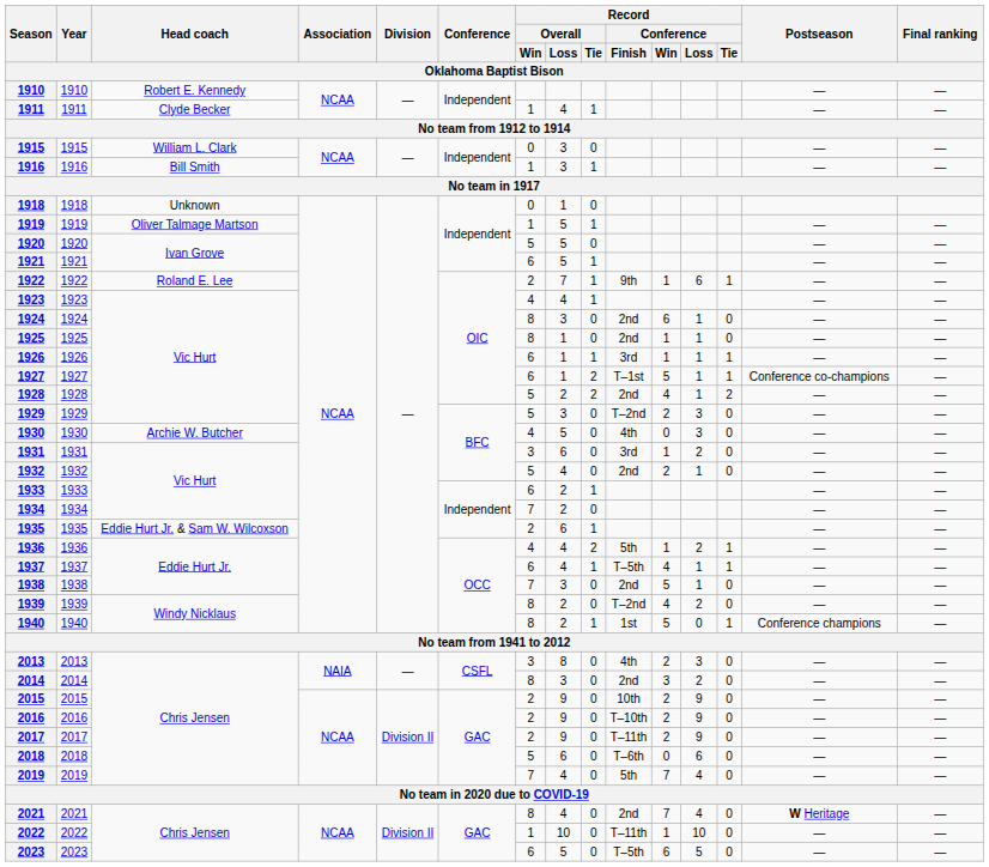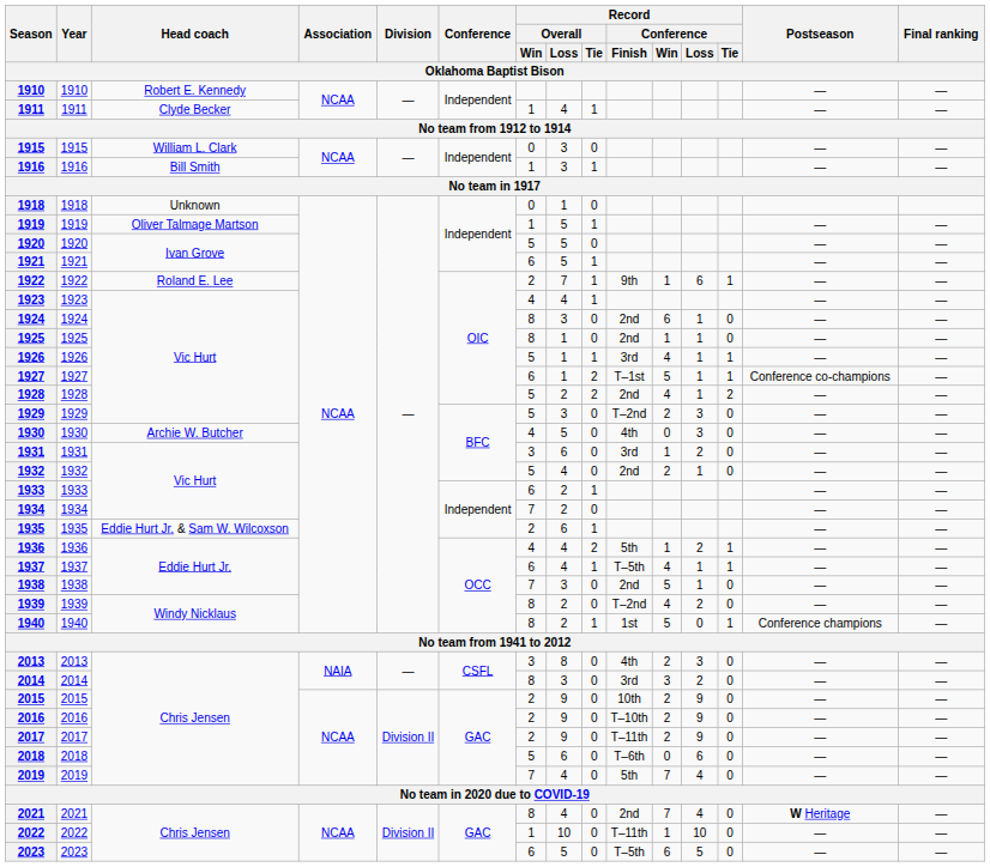 <table class="wikitable" style="font-size: 95%; width:98%;text-align:center;">
 <tr>
 <th rowspan="3">Season</th>
 <th rowspan="3">Year</th>
 <th rowspan="3">Head coach</th>
 <th rowspan="3">Association</th>
 <th rowspan="3">Division</th>
 <th rowspan="3">Conference</th>
 <th colspan="7">Record</th>
 <th rowspan="3">Postseason</th>
 <th rowspan="3">Final ranking</th>
 </tr>
 <tr>
 <th colspan="3">Overall</th>
 <th colspan="4">Conference</th>
 </tr>
 <tr>
 <th>Win</th>
 <th>Loss</th>
 <th>Tie</th>
 <th>Finish</th>
 <th>Win</th>
 <th>Loss</th>
 <th>Tie</th>
 </tr>
 <tr>
 <th colspan="15">Oklahoma Baptist Bison</th>
 </tr>
 <tr>
 <th><a href='#'>1910</a></th>
 <td><a href='#'>1910</a></td>
 <td><a href='#'>Robert E. Kennedy</a></td>
 <td rowspan="2"><a href='#'>NCAA</a></td>
 <td rowspan="2">—</td>
 <td rowspan="2">Independent</td>
 <td></td>
 <td></td>
 <td></td>
 <td></td>
 <td></td>
 <td></td>
 <td></td>
 <td>—</td>
 <td>—</td>
 </tr>
 <tr>
 <th><a href='#'>1911</a></th>
 <td><a href='#'>1911</a></td>
 <td><a href='#'>Clyde Becker</a></td>
 <td>1</td>
 <td>4</td>
 <td>1</td>
 <td></td>
 <td></td>
 <td></td>
 <td></td>
 <td>—</td>
 <td>—</td>
 </tr>
 <tr>
 <th colspan="15">No team from 1912 to 1914</th>
 </tr>
 <tr>
 <th><a href='#'>1915</a></th>
 <td><a href='#'>1915</a></td>
 <td><a href='#'>William L. Clark</a></td>
 <td rowspan="2"><a href='#'>NCAA</a></td>
 <td rowspan="2">—</td>
 <td rowspan="2">Independent</td>
 <td>0</td>
 <td>3</td>
 <td>0</td>
 <td></td>
 <td></td>
 <td></td>
 <td></td>
 <td>—</td>
 <td>—</td>
 </tr>
 <tr>
 <th><a href='#'>1916</a></th>
 <td><a href='#'>1916</a></td>
 <td><a href='#'>Bill Smith</a></td>
 <td>1</td>
 <td>3</td>
 <td>1</td>
 <td></td>
 <td></td>
 <td></td>
 <td></td>
 <td>—</td>
 <td>—</td>
 </tr>
 <tr>
 <th colspan="15">No team in 1917</th>
 </tr>
 <tr>
 <th><a href='#'>1918</a></th>
 <td><a href='#'>1918</a></td>
 <td>Unknown</td>
 <td rowspan="23"><a href='#'>NCAA</a></td>
 <td rowspan="23">—</td>
 <td rowspan="4">Independent</td>
 <td>0</td>
 <td>1</td>
 <td>0</td>
 <td></td>
 <td></td>
 <td></td>
 <td></td>
 <td></td>
 <td></td>
 </tr>
 <tr>
 <th><a href='#'>1919</a></th>
 <td><a href='#'>1919</a></td>
 <td><a href='#'>Oliver Talmage Martson</a></td>
 <td>1</td>
 <td>5</td>
 <td>1</td>
 <td></td>
 <td></td>
 <td></td>
 <td></td>
 <td>—</td>
 <td>—</td>
 </tr>
 <tr>
 <th><a href='#'>1920</a></th>
 <td><a href='#'>1920</a></td>
 <td rowspan="2"><a href='#'>Ivan Grove</a></td>
 <td>5</td>
 <td>5</td>
 <td>0</td>
 <td></td>
 <td></td>
 <td></td>
 <td></td>
 <td>—</td>
 <td>—</td>
 </tr>
 <tr>
 <th><a href='#'>1921</a></th>
 <td><a href='#'>1921</a></td>
 <td>6</td>
 <td>5</td>
 <td>1</td>
 <td></td>
 <td></td>
 <td></td>
 <td></td>
 <td>—</td>
 <td>—</td>
 </tr>
 <tr>
 <th><a href='#'>1922</a></th>
 <td><a href='#'>1922</a></td>
 <td><a href='#'>Roland E. Lee</a></td>
 <td rowspan="7"><a href='#'>OIC</a></td>
 <td>2</td>
 <td>7</td>
 <td>1</td>
 <td>9th</td>
 <td>1</td>
 <td>6</td>
 <td>1</td>
 <td>—</td>
 <td>—</td>
 </tr>
 <tr>
 <th><a href='#'>1923</a></th>
 <td><a href='#'>1923</a></td>
 <td rowspan="7"><a href='#'>Vic Hurt</a></td>
 <td>4</td>
 <td>4</td>
 <td>1</td>
 <td></td>
 <td></td>
 <td></td>
 <td></td>
 <td>—</td>
 <td>—</td>
 </tr>
 <tr>
 <th><a href='#'>1924</a></th>
 <td><a href='#'>1924</a></td>
 <td>8</td>
 <td>3</td>
 <td>0</td>
 <td>2nd</td>
 <td>6</td>
 <td>1</td>
 <td>0</td>
 <td>—</td>
 <td>—</td>
 </tr>
 <tr>
 <th><a href='#'>1925</a></th>
 <td><a href='#'>1925</a></td>
 <td>8</td>
 <td>1</td>
 <td>0</td>
 <td>2nd</td>
 <td>1</td>
 <td>1</td>
 <td>0</td>
 <td>—</td>
 <td>—</td>
 </tr>
 <tr>
 <th><a href='#'>1926</a></th>
 <td><a href='#'>1926</a></td>
-<td>6</td>
+<td>5</td>
 <td>1</td>
 <td>1</td>
 <td>3rd</td>
-<td>1</td>
+<td>4</td>
 <td>1</td>
 <td>1</td>
 <td>—</td>
 <td>—</td>
 </tr>
 <tr>
 <th><a href='#'>1927</a></th>
 <td><a href='#'>1927</a></td>
 <td>6</td>
 <td>1</td>
 <td>2</td>
 <td>T–1st</td>
 <td>5</td>
 <td>1</td>
 <td>1</td>
 <td>Conference co-champions</td>
 <td>—</td>
 </tr>
 <tr>
 <th><a href='#'>1928</a></th>
 <td><a href='#'>1928</a></td>
 <td>5</td>
 <td>2</td>
 <td>2</td>
 <td>2nd</td>
 <td>4</td>
 <td>1</td>
 <td>2</td>
 <td>—</td>
 <td>—</td>
 </tr>
 <tr>
 <th><a href='#'>1929</a></th>
 <td><a href='#'>1929</a></td>
 <td rowspan="4"><a href='#'>BFC</a></td>
 <td>5</td>
 <td>3</td>
 <td>0</td>
 <td>T–2nd</td>
 <td>2</td>
 <td>3</td>
 <td>0</td>
 <td>—</td>
 <td>—</td>
 </tr>
 <tr>
 <th><a href='#'>1930</a></th>
 <td><a href='#'>1930</a></td>
 <td><a href='#'>Archie W. Butcher</a></td>
 <td>4</td>
 <td>5</td>
 <td>0</td>
 <td>4th</td>
 <td>0</td>
 <td>3</td>
 <td>0</td>
 <td>—</td>
 <td>—</td>
 </tr>
 <tr>
 <th><a href='#'>1931</a></th>
 <td><a href='#'>1931</a></td>
 <td rowspan="4"><a href='#'>Vic Hurt</a></td>
 <td>3</td>
 <td>6</td>
 <td>0</td>
 <td>3rd</td>
 <td>1</td>
 <td>2</td>
 <td>0</td>
 <td>—</td>
 <td>—</td>
 </tr>
 <tr>
 <th><a href='#'>1932</a></th>
 <td><a href='#'>1932</a></td>
 <td>5</td>
 <td>4</td>
 <td>0</td>
 <td>2nd</td>
 <td>2</td>
 <td>1</td>
 <td>0</td>
 <td>—</td>
 <td>—</td>
 </tr>
 <tr>
 <th><a href='#'>1933</a></th>
 <td><a href='#'>1933</a></td>
 <td rowspan="3">Independent</td>
 <td>6</td>
 <td>2</td>
 <td>1</td>
 <td></td>
 <td></td>
 <td></td>
 <td></td>
 <td>—</td>
 <td>—</td>
 </tr>
 <tr>
 <th><a href='#'>1934</a></th>
 <td><a href='#'>1934</a></td>
 <td>7</td>
 <td>2</td>
 <td>0</td>
 <td></td>
 <td></td>
 <td></td>
 <td></td>
 <td>—</td>
 <td>—</td>
 </tr>
 <tr>
 <th><a href='#'>1935</a></th>
 <td><a href='#'>1935</a></td>
 <td><a href='#'>Eddie Hurt Jr.</a> & <a href='#'>Sam W. Wilcoxson</a></td>
 <td>2</td>
 <td>6</td>
 <td>1</td>
 <td></td>
 <td></td>
 <td></td>
 <td></td>
 <td>—</td>
 <td>—</td>
 </tr>
 <tr>
 <th><a href='#'>1936</a></th>
 <td><a href='#'>1936</a></td>
 <td rowspan="3"><a href='#'>Eddie Hurt Jr.</a></td>
 <td rowspan="5"><a href='#'>OCC</a></td>
 <td>4</td>
 <td>4</td>
 <td>2</td>
 <td>5th</td>
 <td>1</td>
 <td>2</td>
 <td>1</td>
 <td>—</td>
 <td>—</td>
 </tr>
 <tr>
 <th><a href='#'>1937</a></th>
 <td><a href='#'>1937</a></td>
 <td>6</td>
 <td>4</td>
 <td>1</td>
 <td>T–5th</td>
 <td>4</td>
 <td>1</td>
 <td>1</td>
 <td>—</td>
 <td>—</td>
 </tr>
 <tr>
 <th><a href='#'>1938</a></th>
 <td><a href='#'>1938</a></td>
 <td>7</td>
 <td>3</td>
 <td>0</td>
 <td>2nd</td>
 <td>5</td>
 <td>1</td>
 <td>0</td>
 <td>—</td>
 <td>—</td>
 </tr>
 <tr>
 <th><a href='#'>1939</a></th>
 <td><a href='#'>1939</a></td>
 <td rowspan="2"><a href='#'>Windy Nicklaus</a></td>
 <td>8</td>
 <td>2</td>
 <td>0</td>
 <td>T–2nd</td>
 <td>4</td>
 <td>2</td>
 <td>0</td>
 <td>—</td>
 <td>—</td>
 </tr>
 <tr>
 <th><a href='#'>1940</a></th>
 <td><a href='#'>1940</a></td>
 <td>8</td>
 <td>2</td>
 <td>1</td>
 <td>1st</td>
 <td>5</td>
 <td>0</td>
 <td>1</td>
 <td>Conference champions</td>
 <td>—</td>
 </tr>
 <tr>
 <th colspan="15">No team from 1941 to 2012</th>
 </tr>
 <tr>
 <th><a href='#'>2013</a></th>
 <td><a href='#'>2013</a></td>
 <td rowspan="7"><a href='#'>Chris Jensen</a></td>
 <td rowspan="2"><a href='#'>NAIA</a></td>
 <td rowspan="2">—</td>
 <td rowspan="2"><a href='#'>CSFL</a></td>
 <td>3</td>
 <td>8</td>
 <td>0</td>
 <td>4th</td>
 <td>2</td>
 <td>3</td>
 <td>0</td>
 <td>—</td>
 <td>—</td>
 </tr>
 <tr>
 <th><a href='#'>2014</a></th>
 <td><a href='#'>2014</a></td>
 <td>8</td>
 <td>3</td>
 <td>0</td>
-<td>2nd</td>
+<td>3rd</td>
 <td>3</td>
 <td>2</td>
 <td>0</td>
 <td>—</td>
 <td>—</td>
 </tr>
 <tr>
 <th><a href='#'>2015</a></th>
 <td><a href='#'>2015</a></td>
 <td rowspan="5"><a href='#'>NCAA</a></td>
 <td rowspan="5"><a href='#'>Division II</a></td>
 <td rowspan="5"><a href='#'>GAC</a></td>
 <td>2</td>
 <td>9</td>
 <td>0</td>
 <td>10th</td>
 <td>2</td>
 <td>9</td>
 <td>0</td>
 <td>—</td>
 <td>—</td>
 </tr>
 <tr>
 <th><a href='#'>2016</a></th>
 <td><a href='#'>2016</a></td>
 <td>2</td>
 <td>9</td>
 <td>0</td>
 <td>T–10th</td>
 <td>2</td>
 <td>9</td>
 <td>0</td>
 <td>—</td>
 <td>—</td>
 </tr>
 <tr>
 <th><a href='#'>2017</a></th>
 <td><a href='#'>2017</a></td>
 <td>2</td>
 <td>9</td>
 <td>0</td>
 <td>T–11th</td>
 <td>2</td>
 <td>9</td>
 <td>0</td>
 <td>—</td>
 <td>—</td>
 </tr>
 <tr>
 <th><a href='#'>2018</a></th>
 <td><a href='#'>2018</a></td>
 <td>5</td>
 <td>6</td>
 <td>0</td>
 <td>T–6th</td>
 <td>0</td>
 <td>6</td>
 <td>0</td>
 <td>—</td>
 <td>—</td>
 </tr>
 <tr>
 <th><a href='#'>2019</a></th>
 <td><a href='#'>2019</a></td>
 <td>7</td>
 <td>4</td>
 <td>0</td>
 <td>5th</td>
 <td>7</td>
 <td>4</td>
 <td>0</td>
 <td>—</td>
 <td>—</td>
 </tr>
 <tr>
 <th colspan="15">No team in 2020 due to <a href='#'>COVID-19</a></th>
 </tr>
 <tr>
 <th><a href='#'>2021</a></th>
 <td><a href='#'>2021</a></td>
 <td rowspan="3"><a href='#'>Chris Jensen</a></td>
 <td rowspan="3"><a href='#'>NCAA</a></td>
 <td rowspan="3"><a href='#'>Division II</a></td>
 <td rowspan="3"><a href='#'>GAC</a></td>
 <td>8</td>
 <td>4</td>
 <td>0</td>
 <td>2nd</td>
 <td>7</td>
 <td>4</td>
 <td>0</td>
 <td><strong>W</strong> <a href='#'>Heritage</a></td>
 <td>—</td>
 </tr>
 <tr>
 <th><a href='#'>2022</a></th>
 <td><a href='#'>2022</a></td>
 <td>1</td>
 <td>10</td>
 <td>0</td>
 <td>T–11th</td>
 <td>1</td>
 <td>10</td>
 <td>0</td>
 <td>—</td>
 <td>—</td>
 </tr>
 <tr>
 <th><a href='#'>2023</a></th>
 <td><a href='#'>2023</a></td>
 <td>6</td>
 <td>5</td>
 <td>0</td>
 <td>T–5th</td>
 <td>6</td>
 <td>5</td>
 <td>0</td>
 <td>—</td>
 <td>—</td>
 </tr>
 </table>
